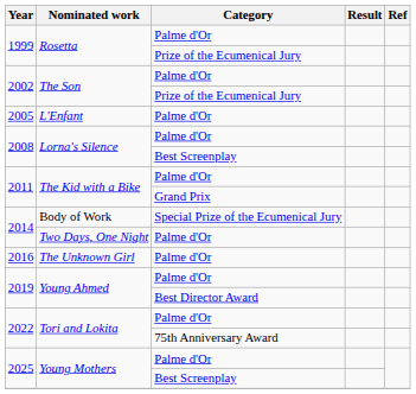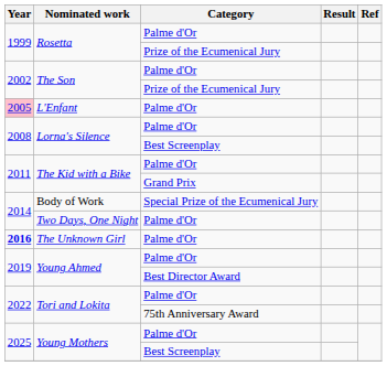 <table class="wikitable sortable">
 <tr>
 <th>Year</th>
 <th>Nominated work</th>
 <th>Category</th>
 <th>Result</th>
 <th>Ref</th>
 </tr>
 <tr>
 <td rowspan=2><a href='#'>1999</a></td>
 <td rowspan=2><em><a href='#'>Rosetta</a></em></td>
 <td><a href='#'>Palme d'Or</a></td>
 <td></td>
 <td></td>
 </tr>
 <tr>
 <td><a href='#'>Prize of the Ecumenical Jury</a></td>
 <td></td>
 <td></td>
 </tr>
 <tr>
 <td rowspan=2><a href='#'>2002</a></td>
 <td rowspan=2><em><a href='#'>The Son</a></em></td>
 <td><a href='#'>Palme d'Or</a></td>
 <td></td>
 <td></td>
 </tr>
 <tr>
 <td><a href='#'>Prize of the Ecumenical Jury</a></td>
 <td></td>
 <td></td>
 </tr>
 <tr>
-<td><a href='#'>2005</a></td>
+<td style="background: pink;"><a href='#'>2005</a></td>
 <td><em><a href='#'>L'Enfant</a></em></td>
 <td><a href='#'>Palme d'Or</a></td>
 <td></td>
 <td></td>
 </tr>
 <tr>
 <td rowspan=2><a href='#'>2008</a></td>
 <td rowspan=2><em><a href='#'>Lorna's Silence</a></em></td>
 <td><a href='#'>Palme d'Or</a></td>
 <td></td>
 <td></td>
 </tr>
 <tr>
 <td><a href='#'>Best Screenplay</a></td>
 <td></td>
 <td></td>
 </tr>
 <tr>
 <td rowspan=2><a href='#'>2011</a></td>
 <td rowspan=2><em><a href='#'>The Kid with a Bike</a></em></td>
 <td><a href='#'>Palme d'Or</a></td>
 <td></td>
 <td></td>
 </tr>
 <tr>
 <td><a href='#'>Grand Prix</a></td>
 <td></td>
 <td></td>
 </tr>
 <tr>
 <td rowspan=2><a href='#'>2014</a></td>
 <td>Body of Work</td>
 <td><a href='#'>Special Prize of the Ecumenical Jury</a></td>
 <td></td>
 <td></td>
 </tr>
 <tr>
 <td><em><a href='#'>Two Days, One Night</a></em></td>
 <td><a href='#'>Palme d'Or</a></td>
 <td></td>
 <td></td>
 </tr>
 <tr>
-<td><a href='#'>2016</a></td>
+<td><strong><a href='#'>2016</a></strong></td>
 <td><em><a href='#'>The Unknown Girl</a></em></td>
 <td><a href='#'>Palme d'Or</a></td>
 <td></td>
 <td></td>
 </tr>
 <tr>
 <td rowspan=2><a href='#'>2019</a></td>
 <td rowspan=2><em><a href='#'>Young Ahmed</a></em></td>
 <td><a href='#'>Palme d'Or</a></td>
 <td></td>
 <td></td>
 </tr>
 <tr>
 <td><a href='#'>Best Director Award</a></td>
 <td></td>
 <td></td>
 </tr>
 <tr>
 <td rowspan=2><a href='#'>2022</a></td>
 <td rowspan=2><em><a href='#'>Tori and Lokita</a></em></td>
 <td><a href='#'>Palme d'Or</a></td>
 <td></td>
 <td></td>
 </tr>
 <tr>
 <td>75th Anniversary Award</td>
 <td></td>
 <td></td>
 </tr>
 <tr>
 <td rowspan="2"><a href='#'>2025</a></td>
 <td rowspan="2"><em><a href='#'>Young Mothers</a></em></td>
 <td><a href='#'>Palme d'Or</a></td>
 <td></td>
 <td rowspan="2"></td>
 </tr>
 <tr>
 <td><a href='#'>Best Screenplay</a></td>
 <td></td>
 </tr>
 <tr>
 </tr>
 </table>
